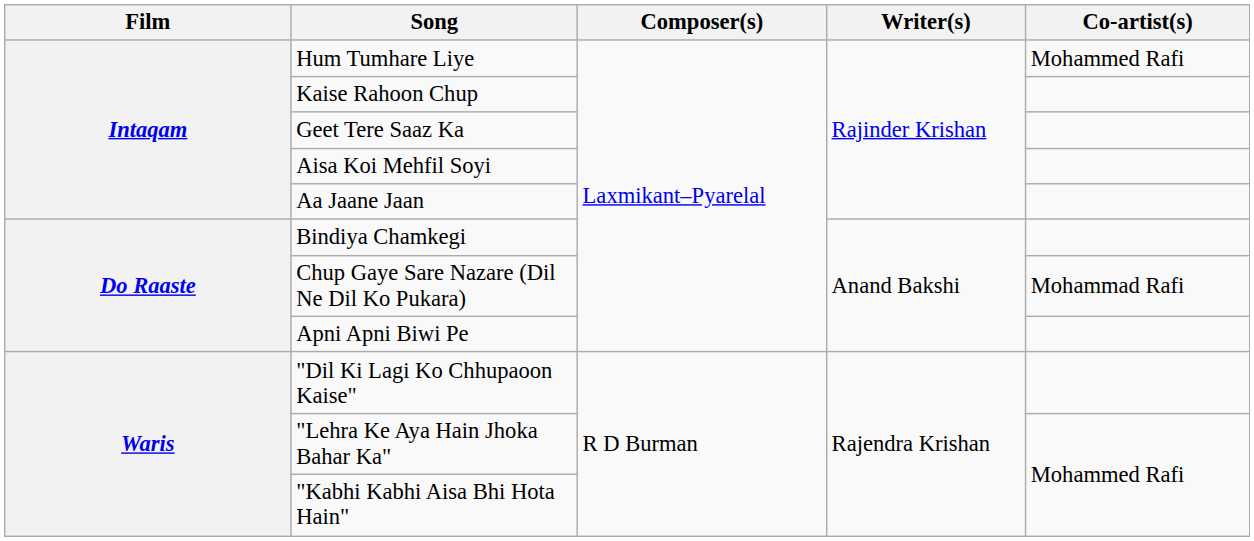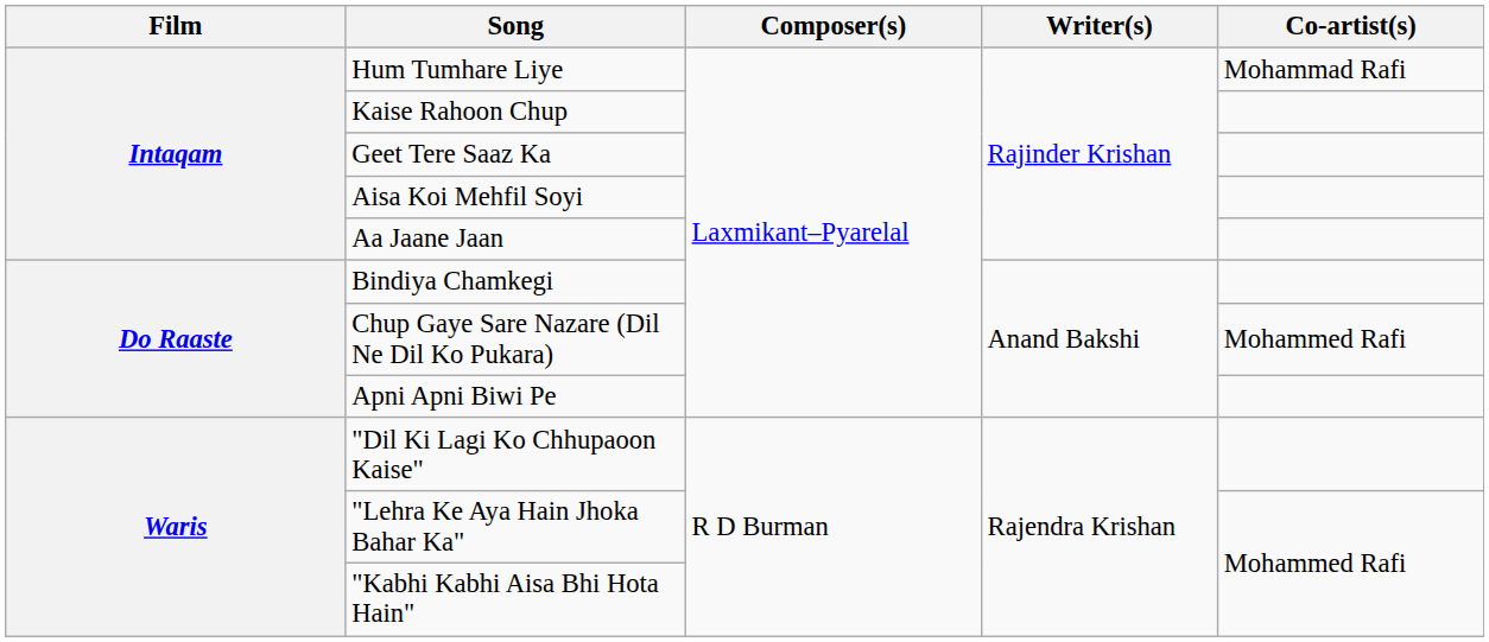 <table class="wikitable plainrowheaders" style="width:100%; textcolor:#000">
 <tr style="background:#b0e0e66;">
 <th scope="col" style="width:23%;"><strong>Film</strong></th>
 <th scope="col" style="width:23%;"><strong>Song</strong></th>
 <th scope="col" style="width:20%;"><strong>Composer(s)</strong></th>
 <th scope="col" style="width:16%;"><strong>Writer(s)</strong></th>
 <th scope="col" style="width:18%;"><strong>Co-artist(s)</strong></th>
 </tr>
 <tr>
 <th rowspan="5"><em><a href='#'>Intaqam</a></em></th>
 <td>Hum Tumhare Liye</td>
 <td rowspan="8"><a href='#'>Laxmikant–Pyarelal</a></td>
 <td rowspan="5"><a href='#'>Rajinder Krishan</a></td>
-<td>Mohammed Rafi</td>
+<td>Mohammad Rafi</td>
 </tr>
 <tr>
 <td>Kaise Rahoon Chup</td>
 <td></td>
 </tr>
 <tr>
 <td>Geet Tere Saaz Ka</td>
 <td></td>
 </tr>
 <tr>
 <td>Aisa Koi Mehfil Soyi</td>
 <td></td>
 </tr>
 <tr>
 <td>Aa Jaane Jaan</td>
 <td></td>
 </tr>
 <tr>
 <th rowspan="3"><em><a href='#'>Do Raaste</a></em></th>
 <td>Bindiya Chamkegi</td>
 <td rowspan="3">Anand Bakshi</td>
 <td></td>
 </tr>
 <tr>
 <td>Chup Gaye Sare Nazare (Dil Ne Dil Ko Pukara)</td>
-<td>Mohammad Rafi</td>
+<td>Mohammed Rafi</td>
 </tr>
 <tr>
 <td>Apni Apni Biwi Pe</td>
 <td></td>
 </tr>
 <tr>
 <th Rowspan=3><em><a href='#'>Waris</a></em></th>
 <td>"Dil Ki Lagi Ko Chhupaoon Kaise"</td>
 <td rowspan=3>R D Burman</td>
 <td rowspan=3>Rajendra Krishan</td>
 <td></td>
 </tr>
 <tr>
 <td>"Lehra Ke Aya Hain Jhoka Bahar Ka"</td>
 <td rowspan=2>Mohammed Rafi</td>
 </tr>
 <tr>
 <td>"Kabhi Kabhi Aisa Bhi Hota Hain"</td>
 </tr>
 </table>
